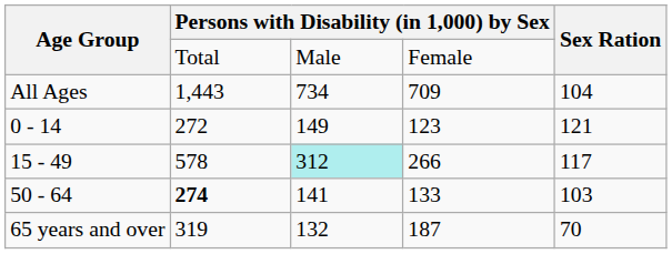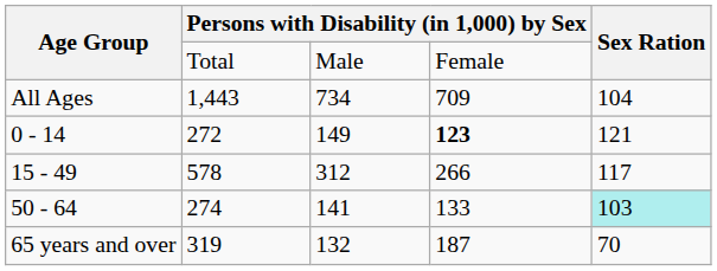 <table class="wikitable mw-collapsible">
 <tr>
 <th rowspan="2">Age Group</th>
 <th colspan="3">Persons with Disability (in 1,000) by Sex</th>
 <th rowspan="2">Sex Ration</th>
 </tr>
 <tr>
 <td>Total</td>
 <td>Male</td>
 <td>Female</td>
 </tr>
 <tr>
 <td>All Ages</td>
 <td>1,443</td>
 <td>734</td>
 <td>709</td>
 <td>104</td>
 </tr>
 <tr>
 <td>0 - 14</td>
 <td>272</td>
 <td>149</td>
-<td>123</td>
+<td><strong>123</strong></td>
 <td>121</td>
 </tr>
 <tr>
 <td>15 - 49</td>
 <td>578</td>
-<td style="background: paleturquoise;">312</td>
+<td>312</td>
 <td>266</td>
 <td>117</td>
 </tr>
 <tr>
 <td>50 - 64</td>
-<td><strong>274</strong></td>
+<td>274</td>
 <td>141</td>
 <td>133</td>
-<td>103</td>
+<td style="background: paleturquoise;">103</td>
 </tr>
 <tr>
 <td>65 years and over</td>
 <td>319</td>
 <td>132</td>
 <td>187</td>
 <td>70</td>
 </tr>
 </table>
